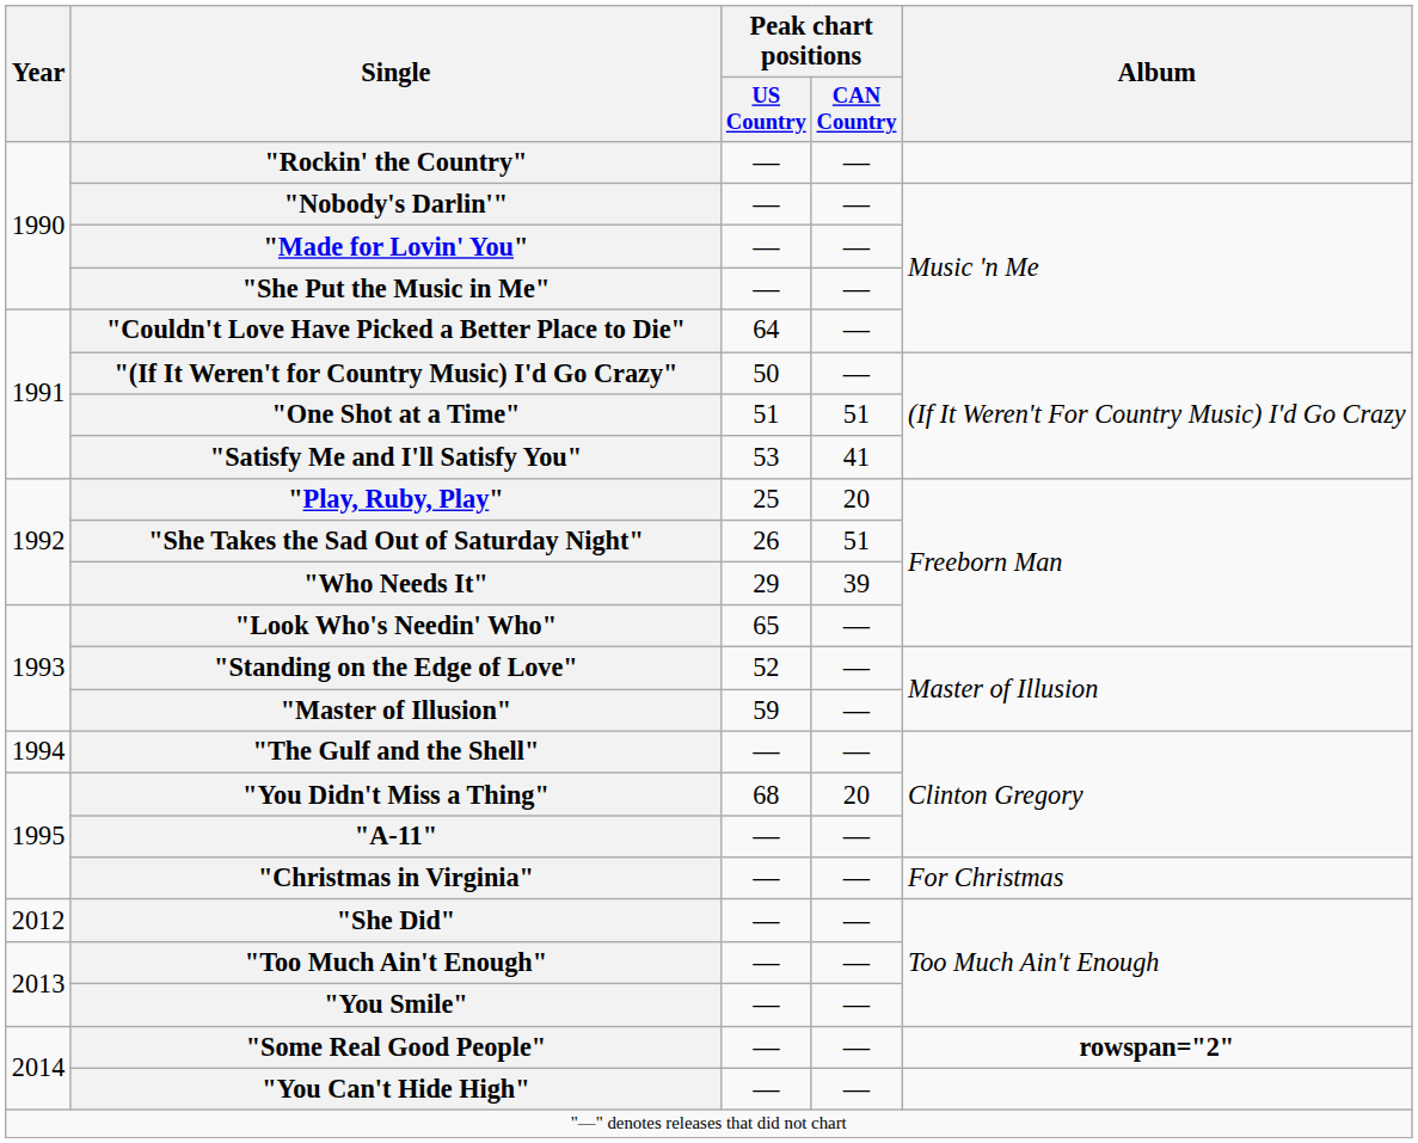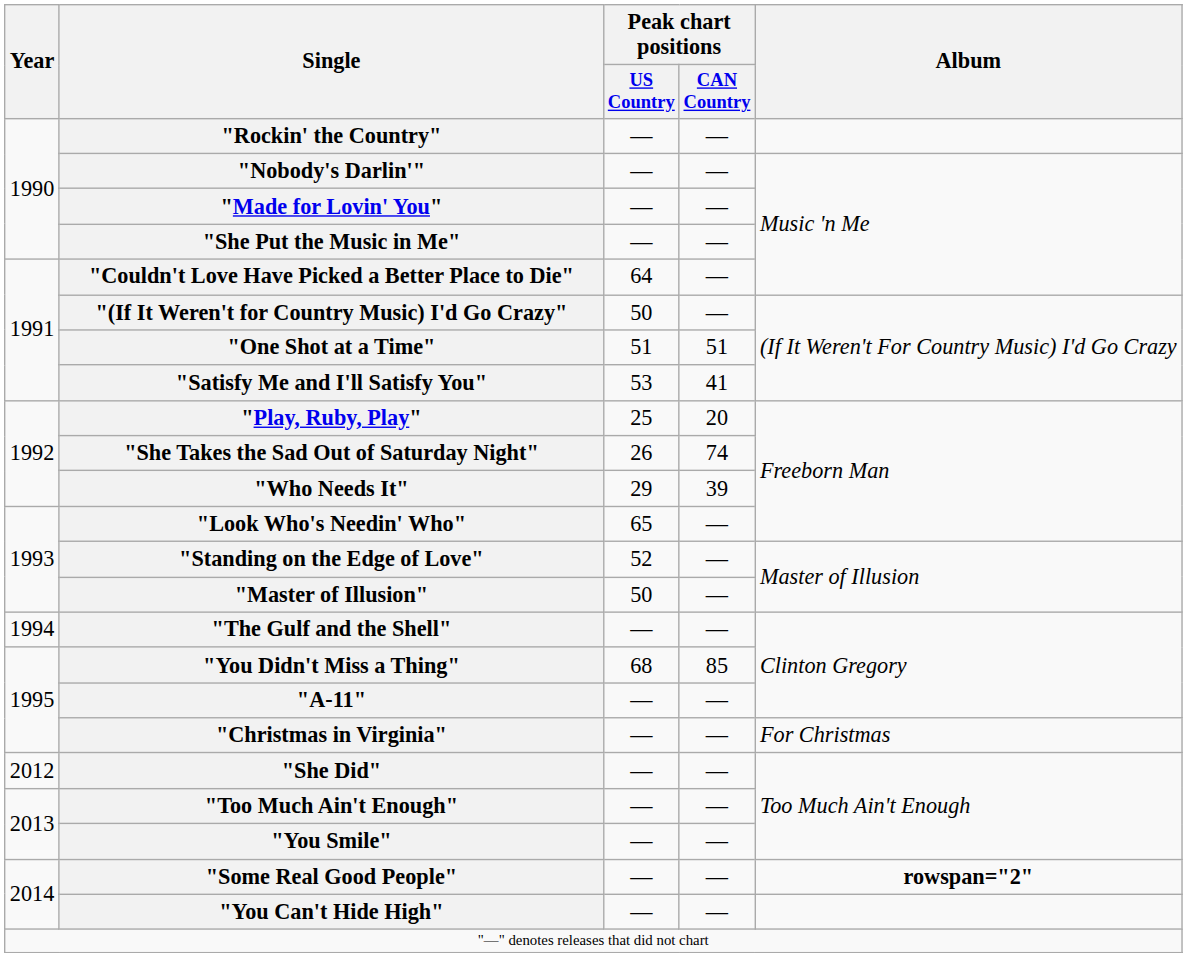 <table class="wikitable plainrowheaders" style="text-align:center;">
 <tr>
 <th rowspan="2">Year</th>
 <th rowspan="2" style="width:24em;">Single</th>
 <th colspan="2">Peak chart<br>positions</th>
 <th rowspan="2">Album</th>
 </tr>
 <tr style="font-size:smaller;">
 <th width="45"><a href='#'>US Country</a><br></th>
 <th width="45"><a href='#'>CAN Country</a><br></th>
 </tr>
 <tr>
 <td rowspan="4">1990</td>
 <th scope="row">"Rockin' the Country"</th>
 <td>—</td>
 <td>—</td>
 <td></td>
 </tr>
 <tr>
 <th scope="row">"Nobody's Darlin'"</th>
 <td>—</td>
 <td>—</td>
 <td align="left" rowspan="4"><em>Music 'n Me</em></td>
 </tr>
 <tr>
 <th scope="row">"<a href='#'>Made for Lovin' You</a>"</th>
 <td>—</td>
 <td>—</td>
 </tr>
 <tr>
 <th scope="row">"She Put the Music in Me"</th>
 <td>—</td>
 <td>—</td>
 </tr>
 <tr>
 <td rowspan="4">1991</td>
 <th scope="row">"Couldn't Love Have Picked a Better Place to Die"</th>
 <td>64</td>
 <td>—</td>
 </tr>
 <tr>
 <th scope="row">"(If It Weren't for Country Music) I'd Go Crazy"</th>
 <td>50</td>
 <td>—</td>
 <td align="left" rowspan="3"><em>(If It Weren't For Country Music) I'd Go Crazy</em></td>
 </tr>
 <tr>
 <th scope="row">"One Shot at a Time"</th>
 <td>51</td>
 <td>51</td>
 </tr>
 <tr>
 <th scope="row">"Satisfy Me and I'll Satisfy You"</th>
 <td>53</td>
 <td>41</td>
 </tr>
 <tr>
 <td rowspan="3">1992</td>
 <th scope="row">"<a href='#'>Play, Ruby, Play</a>"</th>
 <td>25</td>
 <td>20</td>
 <td align="left" rowspan="4"><em>Freeborn Man</em></td>
 </tr>
 <tr>
 <th scope="row">"She Takes the Sad Out of Saturday Night"</th>
 <td>26</td>
-<td>51</td>
+<td>74</td>
 </tr>
 <tr>
 <th scope="row">"Who Needs It"</th>
 <td>29</td>
 <td>39</td>
 </tr>
 <tr>
 <td rowspan="3">1993</td>
 <th scope="row">"Look Who's Needin' Who"</th>
 <td>65</td>
 <td>—</td>
 </tr>
 <tr>
 <th scope="row">"Standing on the Edge of Love"</th>
 <td>52</td>
 <td>—</td>
 <td align="left" rowspan="2"><em>Master of Illusion</em></td>
 </tr>
 <tr>
 <th scope="row">"Master of Illusion"</th>
-<td>59</td>
+<td>50</td>
 <td>—</td>
 </tr>
 <tr>
 <td>1994</td>
 <th scope="row">"The Gulf and the Shell"</th>
 <td>—</td>
 <td>—</td>
 <td align="left" rowspan="3"><em>Clinton Gregory</em></td>
 </tr>
 <tr>
 <td rowspan="3">1995</td>
 <th scope="row">"You Didn't Miss a Thing"</th>
 <td>68</td>
-<td>20</td>
+<td>85</td>
 </tr>
 <tr>
 <th scope="row">"A-11"</th>
 <td>—</td>
 <td>—</td>
 </tr>
 <tr>
 <th scope="row">"Christmas in Virginia"</th>
 <td>—</td>
 <td>—</td>
 <td align="left"><em>For Christmas</em></td>
 </tr>
 <tr>
 <td>2012</td>
 <th scope="row">"She Did"</th>
 <td>—</td>
 <td>—</td>
 <td align="left" rowspan="3"><em>Too Much Ain't Enough</em></td>
 </tr>
 <tr>
 <td rowspan="2">2013</td>
 <th scope="row">"Too Much Ain't Enough"</th>
 <td>—</td>
 <td>—</td>
 </tr>
 <tr>
 <th scope="row">"You Smile"</th>
 <td>—</td>
 <td>—</td>
 </tr>
 <tr>
 <td rowspan="2">2014</td>
 <th scope="row">"Some Real Good People" </th>
 <td>—</td>
 <td>—</td>
 <td><strong>rowspan="2" </strong></td>
 </tr>
 <tr>
 <th scope="row">"You Can't Hide High" </th>
 <td>—</td>
 <td>—</td>
 </tr>
 <tr>
 <td colspan="5" style="font-size:8pt">"—" denotes releases that did not chart</td>
 </tr>
 <tr>
 </tr>
 </table>
